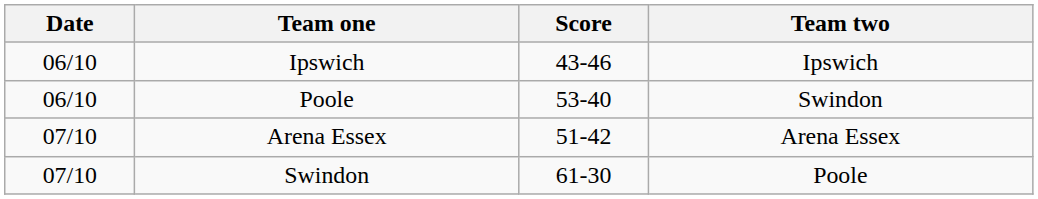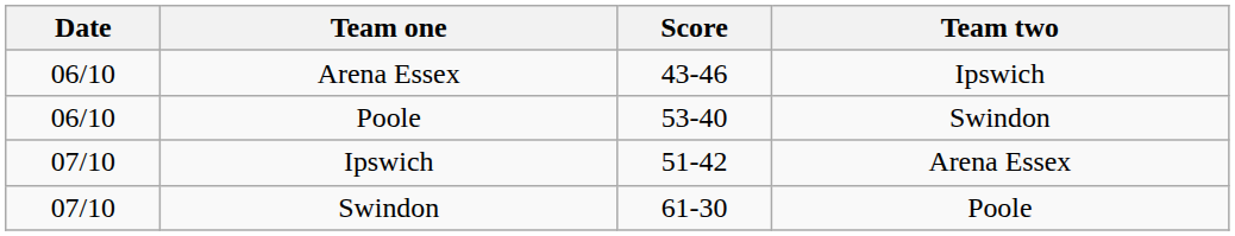 <table class="wikitable" style="text-align: center">
 <tr>
 <th width=80>Date</th>
 <th width=250>Team one</th>
 <th width=80>Score</th>
 <th width=250>Team two</th>
 </tr>
 <tr>
 <td>06/10</td>
-<td>Ipswich</td>
+<td>Arena Essex</td>
 <td>43-46</td>
 <td>Ipswich</td>
 </tr>
 <tr>
 <td>06/10</td>
 <td>Poole</td>
 <td>53-40</td>
 <td>Swindon</td>
 </tr>
 <tr>
 <td>07/10</td>
-<td>Arena Essex</td>
+<td>Ipswich</td>
 <td>51-42</td>
 <td>Arena Essex</td>
 </tr>
 <tr>
 <td>07/10</td>
 <td>Swindon</td>
 <td>61-30</td>
 <td>Poole</td>
 </tr>
 </table>
